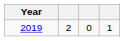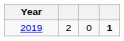 <table class="wikitable" width=30% style="font-size:100%; text-align:center;">
 <tr>
 <th>Year</th>
 <th></th>
 <th></th>
 <th></th>
 </tr>
 <tr>
 <td><a href='#'>2019</a></td>
 <td>2</td>
 <td>0</td>
-<td>1</td>
+<td><strong>1</strong></td>
 </tr>
 </table>
